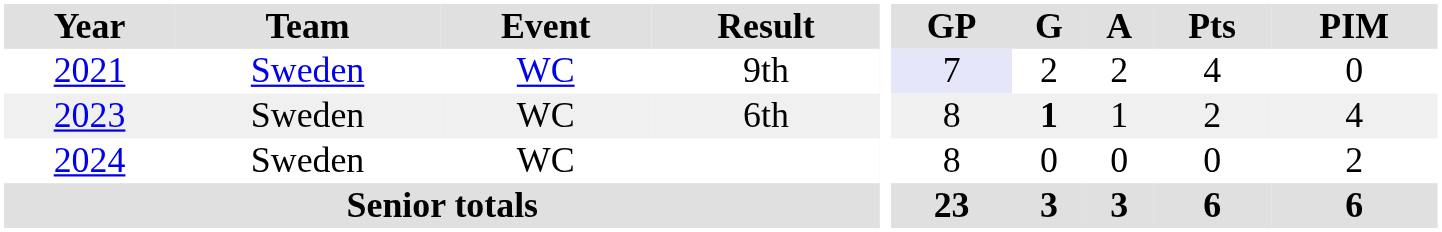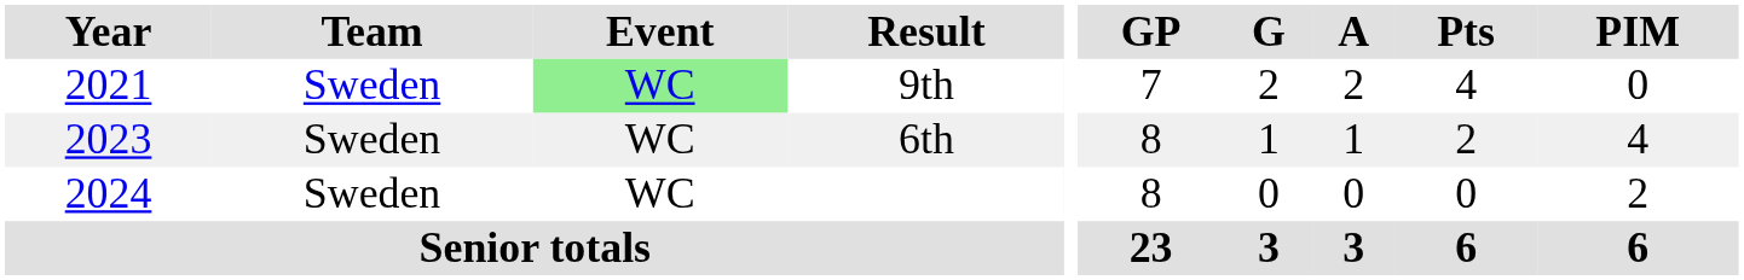 <table border="0" cellpadding="1" cellspacing="0" ID="Table3" style="text-align:center; width:40em">
 <tr ALIGN="center" bgcolor="#e0e0e0">
 <th>Year</th>
 <th>Team</th>
 <th>Event</th>
 <th>Result</th>
 <th rowspan="99" bgcolor="#ffffff"></th>
 <th>GP</th>
 <th>G</th>
 <th>A</th>
 <th>Pts</th>
 <th>PIM</th>
 </tr>
 <tr>
 <td><a href='#'>2021</a></td>
 <td><a href='#'>Sweden</a></td>
-<td><a href='#'>WC</a></td>
+<td style="background: lightgreen;"><a href='#'>WC</a></td>
 <td>9th</td>
-<td style="background: lavender;">7</td>
+<td>7</td>
 <td>2</td>
 <td>2</td>
 <td>4</td>
 <td>0</td>
 </tr>
 <tr bgcolor="#f0f0f0">
 <td><a href='#'>2023</a></td>
 <td>Sweden</td>
 <td>WC</td>
 <td>6th</td>
 <td>8</td>
-<td><strong>1</strong></td>
+<td>1</td>
 <td>1</td>
 <td>2</td>
 <td>4</td>
 </tr>
 <tr>
 <td><a href='#'>2024</a></td>
 <td>Sweden</td>
 <td>WC</td>
 <td></td>
 <td>8</td>
 <td>0</td>
 <td>0</td>
 <td>0</td>
 <td>2</td>
 </tr>
 <tr bgcolor="#e0e0e0">
 <th colspan="4">Senior totals</th>
 <th>23</th>
 <th>3</th>
 <th>3</th>
 <th>6</th>
 <th>6</th>
 </tr>
 </table>
